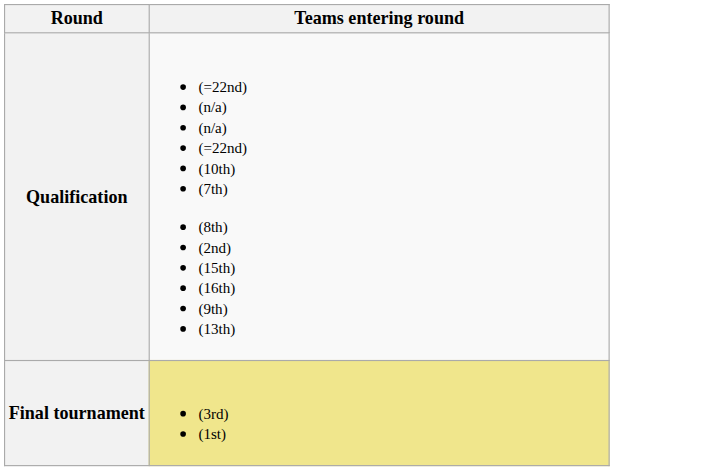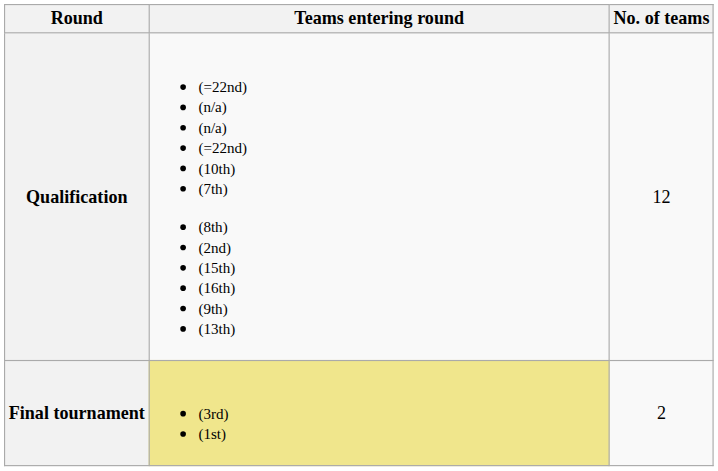 <table class="wikitable">
 <tr>
 <th>Round</th>
 <th width=400>Teams entering round</th>
+<th>No. of teams</th>
 </tr>
 <tr>
 <th>Qualification</th>
 <td><br> <ul><li> <small>(=22nd)</small></li><li> <small>(n/a)</small></li><li> <small>(n/a)</small></li><li> <small>(=22nd)</small></li><li> <small>(10th)</small></li><li> <small>(7th)</small></li></ul><ul><li> <small>(8th)</small></li><li> <small>(2nd)</small></li><li> <small>(15th)</small></li><li> <small>(16th)</small></li><li> <small>(9th)</small></li><li> <small>(13th)</small></li></ul></td>
+<td align=center>12</td>
 </tr>
 <tr>
 <th>Final tournament</th>
 <td style="background: khaki;"><br><ul><li> <small>(3rd)</small></li><li> <small>(1st)</small></li></ul></td>
+<td align=center>2</td>
 </tr>
 </table>
